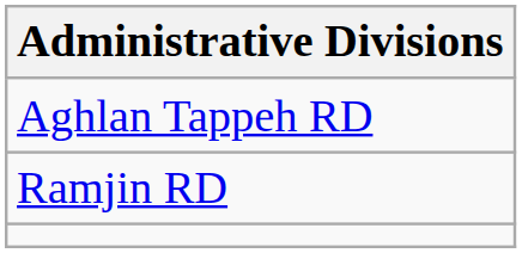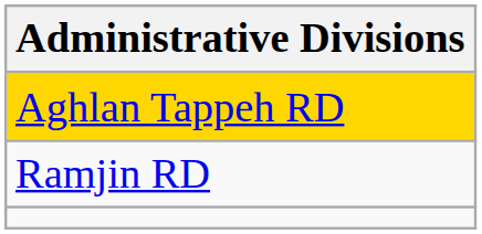 <table class="wikitable">
 <tr>
 <th>Administrative Divisions</th>
 </tr>
 <tr>
-<td><a href='#'>Aghlan Tappeh RD</a></td>
+<td style="background: gold;"><a href='#'>Aghlan Tappeh RD</a></td>
 </tr>
 <tr>
 <td><a href='#'>Ramjin RD</a></td>
 </tr>
 <tr>
 <td colspan=1></td>
 </tr>
 </table>
